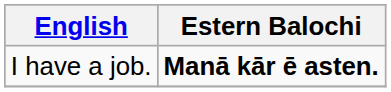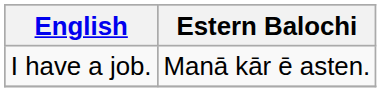 <table class="wikitable" style="font-size: 95%">
 <tr>
 <th><a href='#'>English</a></th>
 <th>Estern Balochi</th>
 </tr>
 <tr>
 <td>I have a job.</td>
-<td><strong>Manā kār ē asten.</strong></td>
+<td>Manā kār ē asten.</td>
 </tr>
 <tr>
 </tr>
 </table>
